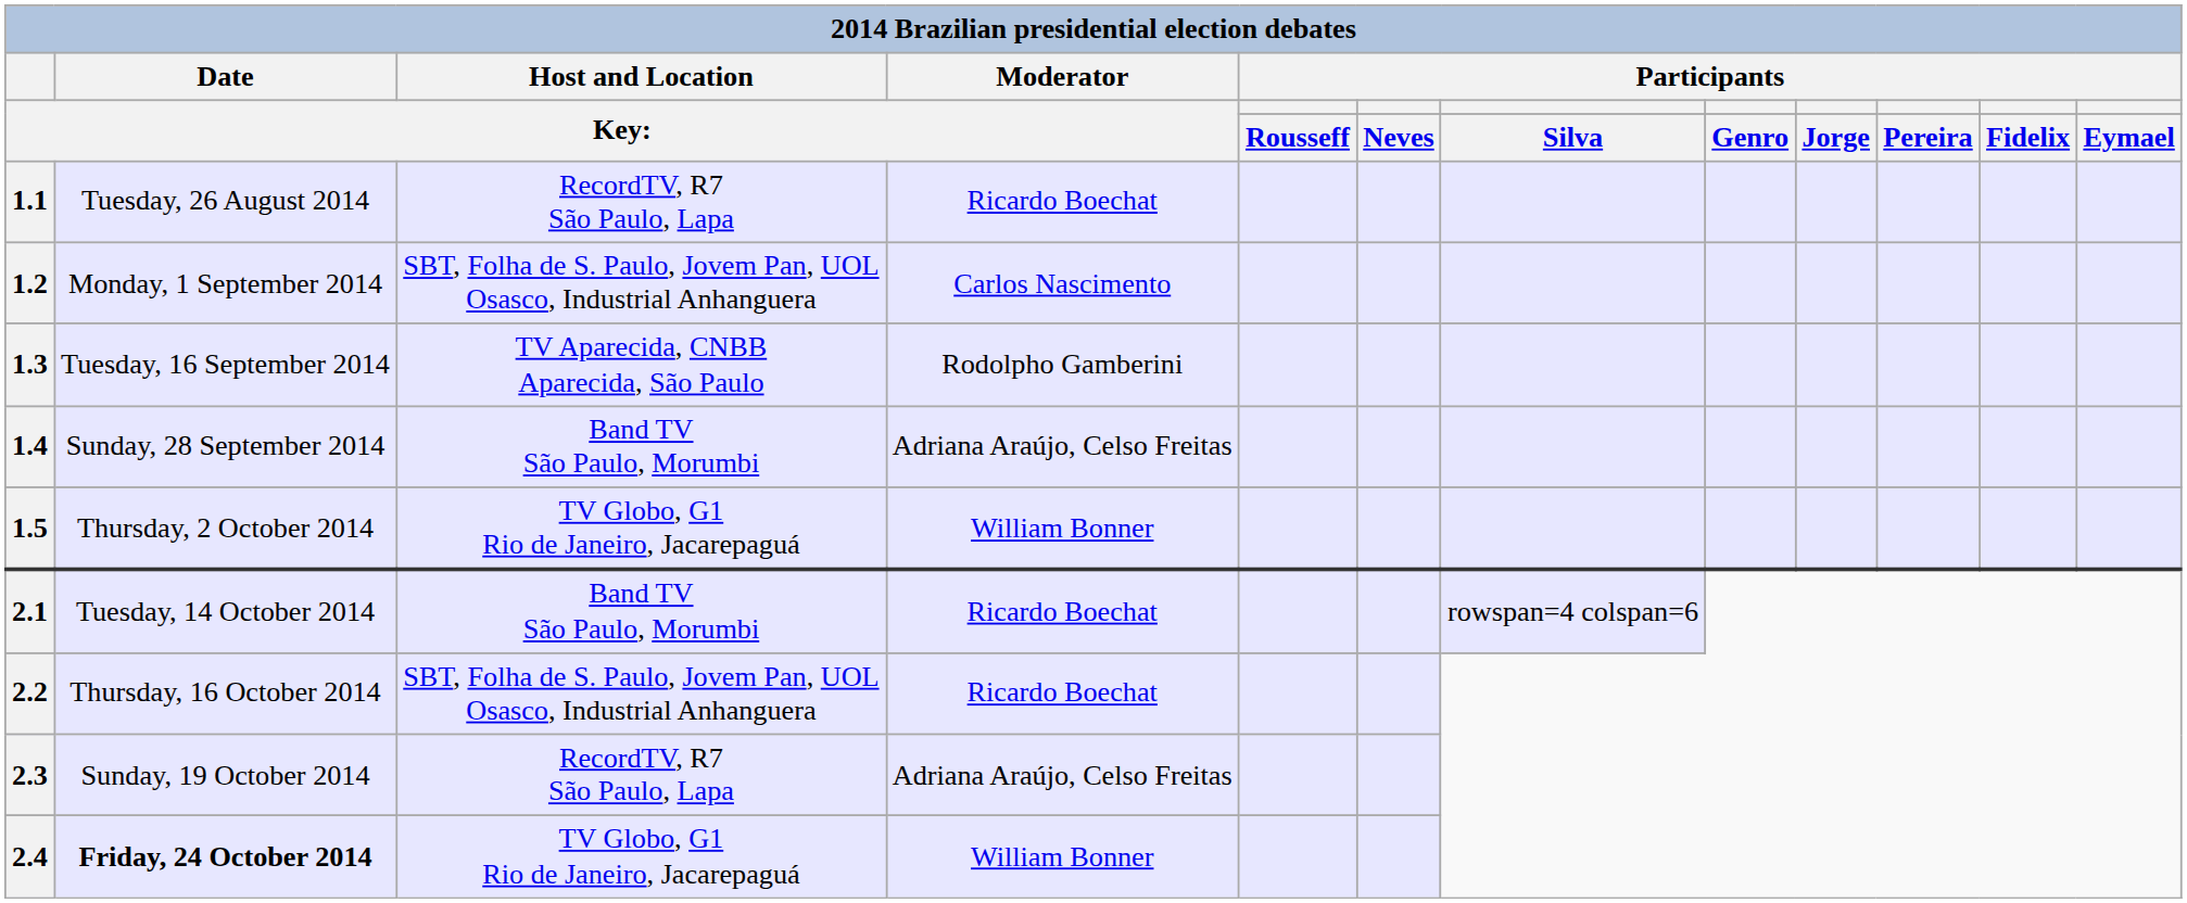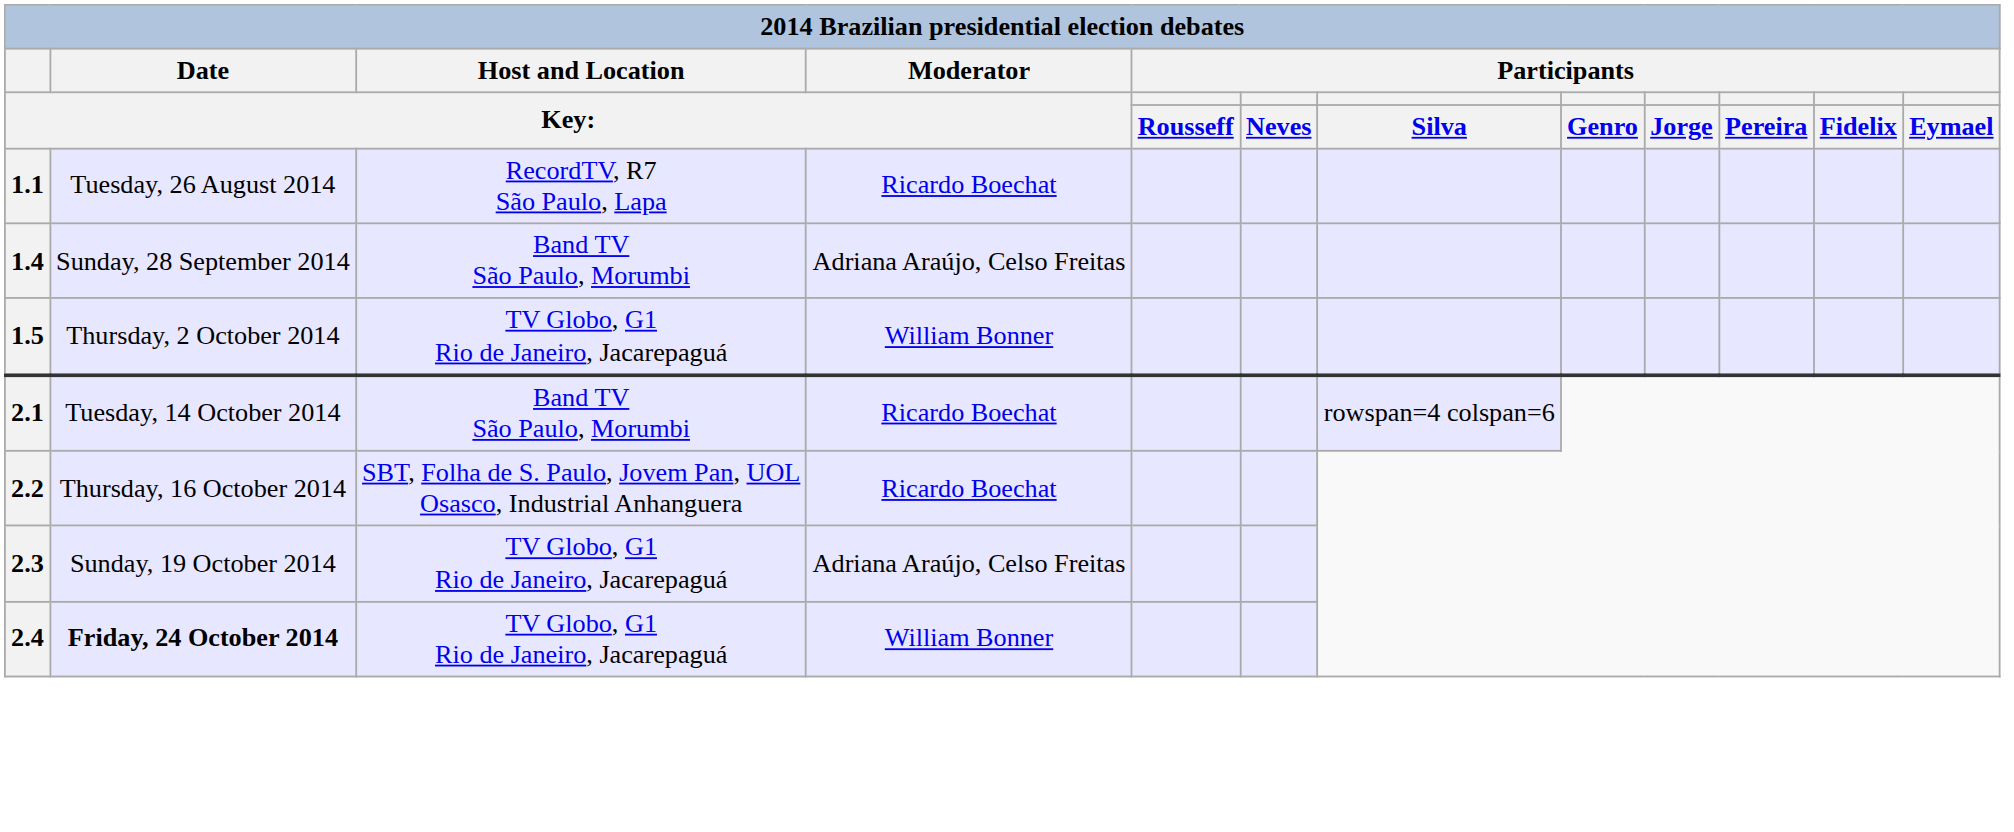 <table class=wikitable style="font-size:90%; line-height:1.2">
 <tr>
 <th colspan=12 style=background:#B0C4DE>2014 Brazilian presidential election debates</th>
 </tr>
 <tr>
 <th style=white-space:nowrap> </th>
 <th>Date</th>
 <th>Host and Location</th>
 <th>Moderator</th>
 <th colspan=8 scope=col>Participants</th>
 </tr>
 <tr>
 <th colspan=4 rowspan=2>Key:<br></th>
 <th scope=col style=background:><small><a href='#'></a></small></th>
 <th scope=col style=background:><small><a href='#'></a></small></th>
 <th scope=col style=background:><small><a href='#'></a></small></th>
 <th scope=col style=background:><small><a href='#'></a></small></th>
 <th scope=col style=background:><small><a href='#'></a></small></th>
 <th scope=col style=background:><small><a href='#'></a></small></th>
 <th scope=col style=background:><small><a href='#'></a></small></th>
 <th scope=col style=background:><small><a href='#'></a></small></th>
 </tr>
 <tr>
 <th><a href='#'>Rousseff</a></th>
 <th><a href='#'>Neves</a></th>
 <th><a href='#'>Silva</a></th>
 <th><a href='#'>Genro</a></th>
 <th><a href='#'>Jorge</a></th>
 <th><a href='#'>Pereira</a></th>
 <th><a href='#'>Fidelix</a></th>
 <th><a href='#'>Eymael</a></th>
 </tr>
 <tr style=background:#e7e7ff>
 <th>1.1</th>
 <td style="white-space:nowrap; text-align:center">Tuesday, 26 August 2014</td>
 <td style="white-space:nowrap; text-align:center"><a href='#'>RecordTV</a>, R7<br><a href='#'>São Paulo</a>, <a href='#'>Lapa</a></td>
 <td style="white-space:nowrap; text-align:center"><a href='#'>Ricardo Boechat</a></td>
-<td></td>
-<td></td>
-<td></td>
-<td></td>
-<td></td>
-<td></td>
-<td></td>
-<td></td>
-</tr>
-<tr style=background:#e7e7ff>
-<th>1.2</th>
-<td style="white-space:nowrap; text-align:center">Monday, 1 September 2014</td>
-<td style="white-space:nowrap; text-align:center"><a href='#'>SBT</a>, <a href='#'>Folha de S. Paulo</a>, <a href='#'>Jovem Pan</a>, <a href='#'>UOL</a><br><a href='#'>Osasco</a>, Industrial Anhanguera</td>
-<td style="white-space:nowrap; text-align:center"><a href='#'>Carlos Nascimento</a></td>
-<td></td>
-<td></td>
-<td></td>
-<td></td>
-<td></td>
-<td></td>
-<td></td>
-<td></td>
-</tr>
-<tr style=background:#e7e7ff>
-<th>1.3</th>
-<td style="white-space:nowrap; text-align:center">Tuesday, 16 September 2014</td>
-<td style="white-space:nowrap; text-align:center"><a href='#'>TV Aparecida</a>, <a href='#'>CNBB</a><br><a href='#'>Aparecida</a>, <a href='#'>São Paulo</a></td>
-<td style="white-space:nowrap; text-align:center">Rodolpho Gamberini</td>
 <td></td>
 <td></td>
 <td></td>
 <td></td>
 <td></td>
 <td></td>
 <td></td>
 <td></td>
 </tr>
 <tr style=background:#e7e7ff>
 <th>1.4</th>
 <td style="white-space:nowrap; text-align:center">Sunday, 28 September 2014</td>
 <td style="white-space:nowrap; text-align:center"><a href='#'>Band TV</a><br><a href='#'>São Paulo</a>, <a href='#'>Morumbi</a></td>
 <td style="white-space:nowrap; text-align:center">Adriana Araújo, Celso Freitas</td>
 <td></td>
 <td></td>
 <td></td>
 <td></td>
 <td></td>
 <td></td>
 <td></td>
 <td></td>
 </tr>
 <tr style=background:#e7e7ff>
 <th>1.5</th>
 <td style="white-space:nowrap; text-align:center">Thursday, 2 October 2014</td>
 <td style="white-space:nowrap; text-align:center"><a href='#'>TV Globo</a>, <a href='#'>G1</a><br><a href='#'>Rio de Janeiro</a>, Jacarepaguá</td>
 <td style="white-space:nowrap; text-align:center"><a href='#'>William Bonner</a></td>
 <td></td>
 <td></td>
 <td></td>
 <td></td>
 <td></td>
 <td></td>
 <td></td>
 <td></td>
 </tr>
 <tr style="background:#e7e7ff; border-top: 2px solid #333333">
 <th>2.1</th>
 <td style="white-space:nowrap; text-align:center">Tuesday, 14 October 2014</td>
 <td style="white-space:nowrap; text-align:center"><a href='#'>Band TV</a><br><a href='#'>São Paulo</a>, <a href='#'>Morumbi</a></td>
 <td style="white-space:nowrap; text-align:center"><a href='#'>Ricardo Boechat</a></td>
 <td></td>
 <td></td>
 <td>rowspan=4 colspan=6 </td>
 </tr>
 <tr style=background:#e7e7ff>
 <th>2.2</th>
 <td style="white-space:nowrap; text-align:center">Thursday, 16 October 2014</td>
 <td style="white-space:nowrap; text-align:center"><a href='#'>SBT</a>, <a href='#'>Folha de S. Paulo</a>, <a href='#'>Jovem Pan</a>, <a href='#'>UOL</a><br><a href='#'>Osasco</a>, Industrial Anhanguera</td>
 <td style="white-space:nowrap; text-align:center"><a href='#'>Ricardo Boechat</a></td>
 <td></td>
 <td></td>
 </tr>
 <tr style=background:#e7e7ff>
 <th>2.3</th>
 <td style="white-space:nowrap; text-align:center">Sunday, 19 October 2014</td>
-<td style="white-space:nowrap; text-align:center"><a href='#'>RecordTV</a>, R7<br><a href='#'>São Paulo</a>, <a href='#'>Lapa</a></td>
+<td style="white-space:nowrap; text-align:center"><a href='#'>TV Globo</a>, <a href='#'>G1</a><br><a href='#'>Rio de Janeiro</a>, Jacarepaguá</td>
 <td style="white-space:nowrap; text-align:center">Adriana Araújo, Celso Freitas</td>
 <td></td>
 <td></td>
 </tr>
 <tr style=background:#e7e7ff>
 <th>2.4</th>
 <td style="white-space:nowrap; text-align:center"><strong>Friday, 24 October 2014</strong></td>
 <td style="white-space:nowrap; text-align:center"><a href='#'>TV Globo</a>, <a href='#'>G1</a><br><a href='#'>Rio de Janeiro</a>, Jacarepaguá</td>
 <td style="white-space:nowrap; text-align:center"><a href='#'>William Bonner</a></td>
 <td></td>
 <td></td>
 </tr>
 </table>
